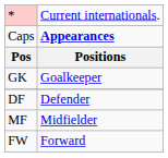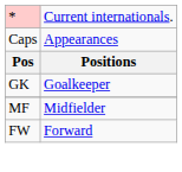 <table class="wikitable">
 <tr>
 <td style="background-color:#FFCCCC">*</td>
 <td><a href='#'>Current internationals</a>.</td>
 </tr>
 <tr>
 <td>Caps</td>
-<td><strong><a href='#'>Appearances</a></strong></td>
+<td><a href='#'>Appearances</a></td>
 </tr>
 <tr>
 <th>Pos</th>
 <th style="align: left">Positions</th>
 </tr>
 <tr>
 <td>GK</td>
 <td><a href='#'>Goalkeeper</a></td>
 </tr>
 <tr>
 </tr>
 <tr>
-<td>DF</td>
-<td><a href='#'>Defender</a></td>
-</tr>
-<tr>
 <td>MF</td>
 <td><a href='#'>Midfielder</a></td>
 </tr>
 <tr>
 <td>FW</td>
 <td><a href='#'>Forward</a></td>
 </tr>
 </table>
